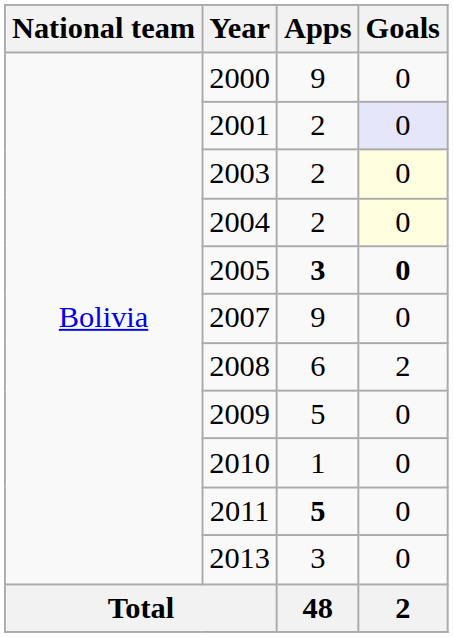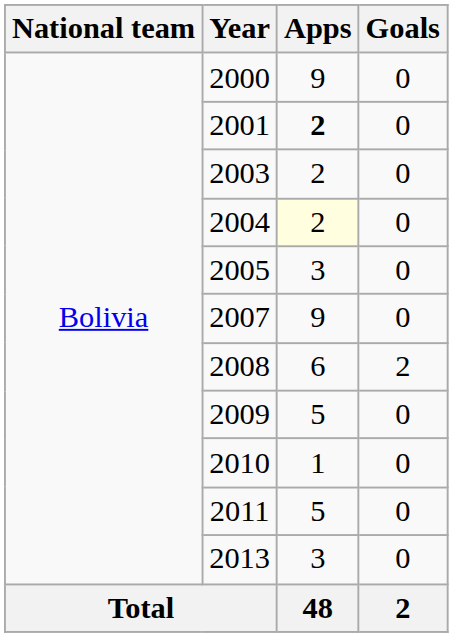 <table class="wikitable" style="text-align:center">
 <tr>
 <th>National team</th>
 <th>Year</th>
 <th>Apps</th>
 <th>Goals</th>
 </tr>
 <tr>
 <td rowspan="11"><a href='#'>Bolivia</a></td>
 <td>2000</td>
 <td>9</td>
 <td>0</td>
 </tr>
 <tr>
 <td>2001</td>
-<td>2</td>
-<td style="background: lavender;">0</td>
+<td><strong>2</strong></td>
+<td>0</td>
 </tr>
 <tr>
 <td>2003</td>
 <td>2</td>
-<td style="background: lightyellow;">0</td>
+<td>0</td>
 </tr>
 <tr>
 <td>2004</td>
-<td>2</td>
-<td style="background: lightyellow;">0</td>
+<td style="background: lightyellow;">2</td>
+<td>0</td>
 </tr>
 <tr>
 <td>2005</td>
-<td><strong>3</strong></td>
-<td><strong>0</strong></td>
+<td>3</td>
+<td>0</td>
 </tr>
 <tr>
 <td>2007</td>
 <td>9</td>
 <td>0</td>
 </tr>
 <tr>
 <td>2008</td>
 <td>6</td>
 <td>2</td>
 </tr>
 <tr>
 <td>2009</td>
 <td>5</td>
 <td>0</td>
 </tr>
 <tr>
 <td>2010</td>
 <td>1</td>
 <td>0</td>
 </tr>
 <tr>
 <td>2011</td>
-<td><strong>5</strong></td>
+<td>5</td>
 <td>0</td>
 </tr>
 <tr>
 <td>2013</td>
 <td>3</td>
 <td>0</td>
 </tr>
 <tr>
 <th colspan="2">Total</th>
 <th>48</th>
 <th>2</th>
 </tr>
 </table>
